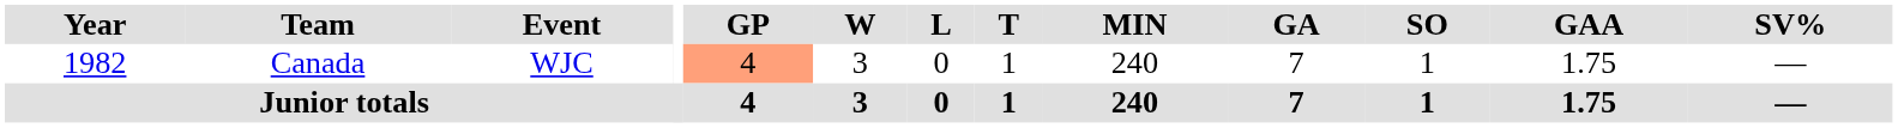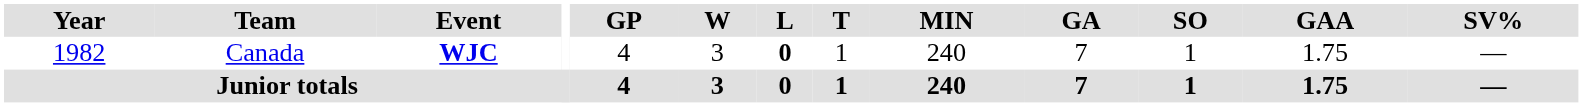 <table border="0" cellpadding="1" cellspacing="0" ID="Table3" style="text-align:center; width:60em">
 <tr ALIGN="center" bgcolor="#e0e0e0">
 <th>Year</th>
 <th>Team</th>
 <th>Event</th>
 <th rowspan="99" bgcolor="#ffffff"></th>
 <th>GP</th>
 <th>W</th>
 <th>L</th>
 <th>T</th>
 <th>MIN</th>
 <th>GA</th>
 <th>SO</th>
 <th>GAA</th>
 <th>SV%</th>
 </tr>
 <tr>
 <td><a href='#'>1982</a></td>
 <td><a href='#'>Canada</a></td>
-<td><a href='#'>WJC</a></td>
-<td style="background: lightsalmon;">4</td>
+<td><strong><a href='#'>WJC</a></strong></td>
+<td>4</td>
 <td>3</td>
-<td>0</td>
+<td><strong>0</strong></td>
 <td>1</td>
 <td>240</td>
 <td>7</td>
 <td>1</td>
 <td>1.75</td>
 <td>—</td>
 </tr>
 <tr bgcolor="#e0e0e0">
 <th colspan=4>Junior totals</th>
 <th>4</th>
 <th>3</th>
 <th>0</th>
 <th>1</th>
 <th>240</th>
 <th>7</th>
 <th>1</th>
 <th>1.75</th>
 <th>—</th>
 </tr>
 </table>
